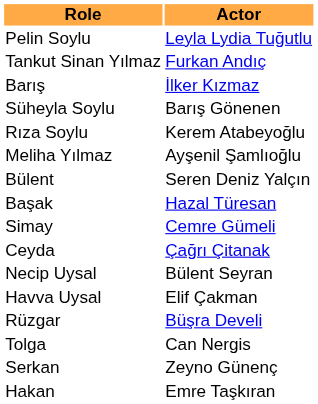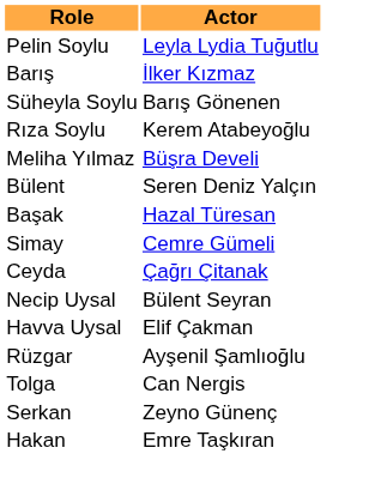 <table class="wikitab">
 <tr bgcolor="FFAA44">
 <th>Role</th>
 <th>Actor</th>
 </tr>
 <tr>
 <td>Pelin Soylu</td>
 <td><a href='#'>Leyla Lydia Tuğutlu</a></td>
-</tr>
-<tr>
-<td>Tankut Sinan Yılmaz</td>
-<td><a href='#'>Furkan Andıç</a></td>
 </tr>
 <tr>
 <td>Barış</td>
 <td><a href='#'>İlker Kızmaz</a></td>
 </tr>
 <tr>
 <td>Süheyla Soylu</td>
 <td>Barış Gönenen</td>
 </tr>
 <tr>
 <td>Rıza Soylu</td>
 <td>Kerem Atabeyoğlu</td>
 </tr>
 <tr>
 <td>Meliha Yılmaz</td>
-<td>Ayşenil Şamlıoğlu</td>
+<td><a href='#'>Büşra Develi</a></td>
 </tr>
 <tr>
 <td>Bülent</td>
 <td>Seren Deniz Yalçın</td>
 </tr>
 <tr>
 <td>Başak</td>
 <td><a href='#'>Hazal Türesan</a></td>
 </tr>
 <tr>
 <td>Simay</td>
 <td><a href='#'>Cemre Gümeli</a></td>
 </tr>
 <tr>
 <td>Ceyda</td>
 <td><a href='#'>Çağrı Çitanak</a></td>
 </tr>
 <tr>
 <td>Necip Uysal</td>
 <td>Bülent Seyran</td>
 </tr>
 <tr>
 <td>Havva Uysal</td>
 <td>Elif Çakman</td>
 </tr>
 <tr>
 <td>Rüzgar</td>
-<td><a href='#'>Büşra Develi</a></td>
+<td>Ayşenil Şamlıoğlu</td>
 </tr>
 <tr>
 <td>Tolga</td>
 <td>Can Nergis</td>
 </tr>
 <tr>
 <td>Serkan</td>
 <td>Zeyno Günenç</td>
 </tr>
 <tr>
 <td>Hakan</td>
 <td>Emre Taşkıran</td>
 </tr>
 </table>
